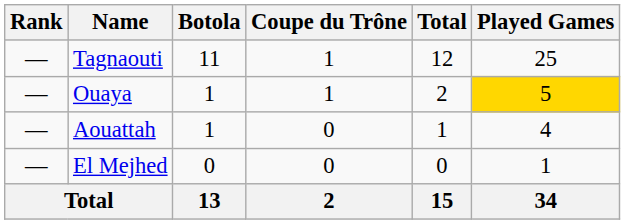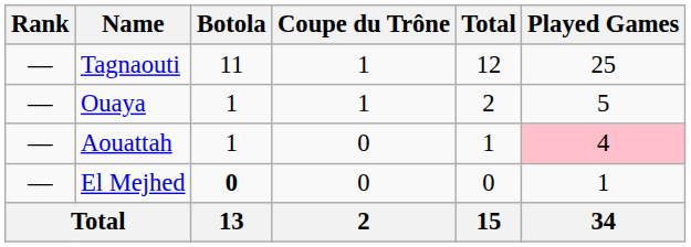 <table class="wikitable" style="text-align: center">
 <tr>
 <th>Rank</th>
 <th>Name</th>
 <th>Botola</th>
 <th>Coupe du Trône</th>
 <th>Total</th>
 <th>Played Games</th>
 </tr>
 <tr>
 <td>—</td>
 <td align=left> <a href='#'>Tagnaouti</a></td>
 <td>11</td>
 <td>1</td>
 <td>12</td>
 <td>25</td>
 </tr>
 <tr>
 <td>—</td>
 <td align=left> <a href='#'>Ouaya</a></td>
 <td>1</td>
 <td>1</td>
 <td>2</td>
-<td style="background: gold;">5</td>
+<td>5</td>
 </tr>
 <tr>
 <td>—</td>
 <td align=left> <a href='#'>Aouattah</a></td>
 <td>1</td>
 <td>0</td>
 <td>1</td>
-<td>4</td>
+<td style="background: pink;">4</td>
 </tr>
 <tr>
 <td>—</td>
 <td align=left> <a href='#'>El Mejhed</a></td>
-<td>0</td>
+<td><strong>0</strong></td>
 <td>0</td>
 <td>0</td>
 <td>1</td>
 </tr>
 <tr>
 <th colspan=2>Total</th>
 <th>13</th>
 <th>2</th>
 <th>15</th>
 <th>34</th>
 </tr>
 </table>
